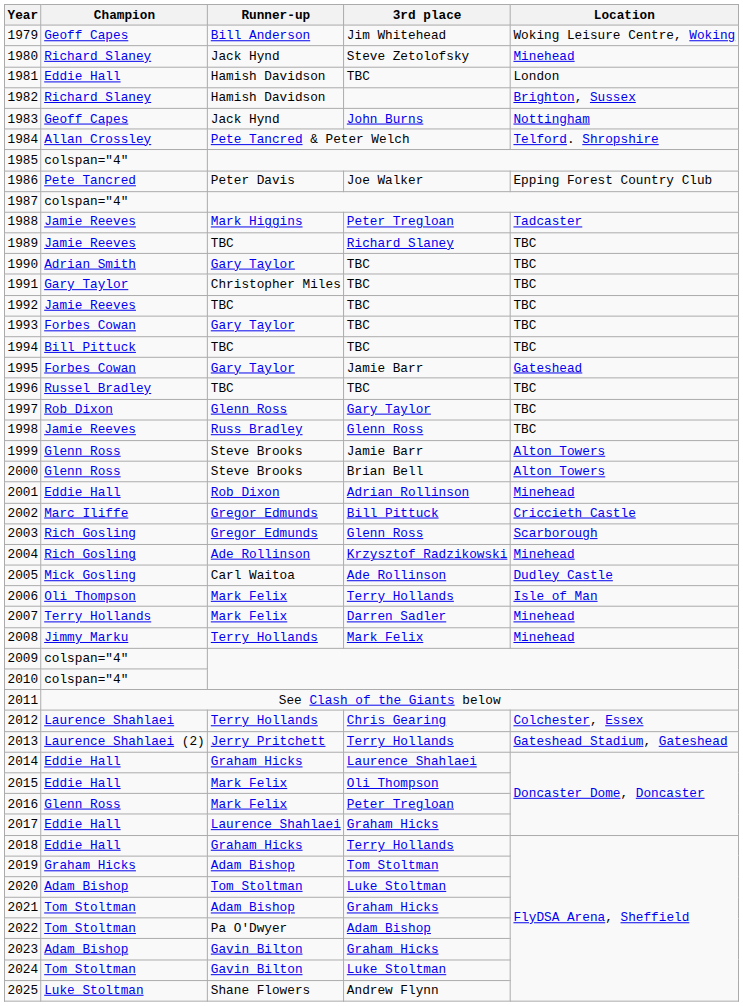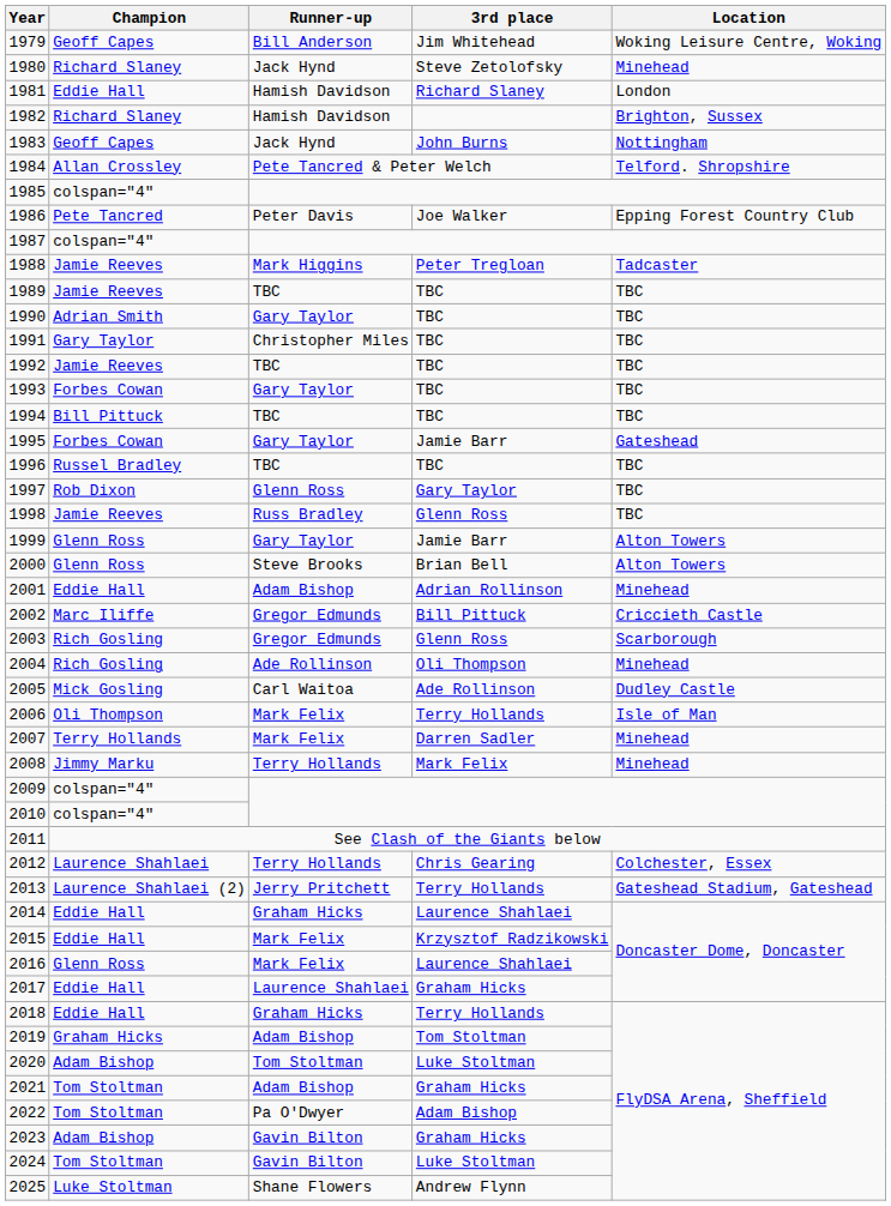 <table class="wikitable">
 <tr>
 <th>Year</th>
 <th>Champion</th>
 <th>Runner-up</th>
 <th>3rd place</th>
 <th>Location</th>
 </tr>
 <tr>
 <td>1979</td>
 <td> <a href='#'>Geoff Capes</a></td>
 <td> <a href='#'>Bill Anderson</a></td>
 <td> Jim Whitehead</td>
 <td>Woking Leisure Centre, <a href='#'>Woking</a></td>
 </tr>
 <tr>
 <td>1980</td>
 <td> <a href='#'>Richard Slaney</a></td>
 <td> Jack Hynd</td>
 <td> Steve Zetolofsky</td>
 <td><a href='#'>Minehead</a></td>
 </tr>
 <tr>
 <td>1981</td>
 <td> <a href='#'>Eddie Hall</a></td>
 <td> Hamish Davidson</td>
-<td>TBC</td>
+<td> <a href='#'>Richard Slaney</a></td>
 <td>London</td>
 </tr>
 <tr>
 <td>1982</td>
 <td> <a href='#'>Richard Slaney</a></td>
 <td> Hamish Davidson</td>
 <td></td>
 <td><a href='#'>Brighton</a>, <a href='#'>Sussex</a></td>
 </tr>
 <tr>
 <td>1983</td>
 <td> <a href='#'>Geoff Capes</a></td>
 <td> Jack Hynd</td>
 <td> <a href='#'>John Burns</a></td>
 <td><a href='#'>Nottingham</a></td>
 </tr>
 <tr>
 <td>1984</td>
 <td> <a href='#'>Allan Crossley</a></td>
 <td colspan="2"> <a href='#'>Pete Tancred</a> &  Peter Welch</td>
 <td><a href='#'>Telford</a>. <a href='#'>Shropshire</a></td>
 </tr>
 <tr>
 <td>1985</td>
 <td>colspan="4" </td>
 </tr>
 <tr>
 <td>1986</td>
 <td> <a href='#'>Pete Tancred</a></td>
 <td> Peter Davis</td>
 <td> Joe Walker</td>
 <td>Epping Forest Country Club</td>
 </tr>
 <tr>
 <td>1987</td>
 <td>colspan="4" </td>
 </tr>
 <tr>
 <td>1988</td>
 <td> <a href='#'>Jamie Reeves</a></td>
 <td> <a href='#'>Mark Higgins</a></td>
 <td> <a href='#'>Peter Tregloan</a></td>
 <td><a href='#'>Tadcaster</a></td>
 </tr>
 <tr>
 <td>1989</td>
 <td> <a href='#'>Jamie Reeves</a></td>
 <td>TBC</td>
-<td> <a href='#'>Richard Slaney</a></td>
+<td>TBC</td>
 <td>TBC</td>
 </tr>
 <tr>
 <td>1990</td>
 <td> <a href='#'>Adrian Smith</a></td>
 <td> <a href='#'>Gary Taylor</a></td>
 <td>TBC</td>
 <td>TBC</td>
 </tr>
 <tr>
 <td>1991</td>
 <td> <a href='#'>Gary Taylor</a></td>
 <td> Christopher Miles</td>
 <td>TBC</td>
 <td>TBC</td>
 </tr>
 <tr>
 <td>1992</td>
 <td> <a href='#'>Jamie Reeves</a></td>
 <td>TBC</td>
 <td>TBC</td>
 <td>TBC</td>
 </tr>
 <tr>
 <td>1993</td>
 <td> <a href='#'>Forbes Cowan</a></td>
 <td> <a href='#'>Gary Taylor</a></td>
 <td>TBC</td>
 <td>TBC</td>
 </tr>
 <tr>
 <td>1994</td>
 <td> <a href='#'>Bill Pittuck</a></td>
 <td>TBC</td>
 <td>TBC</td>
 <td>TBC</td>
 </tr>
 <tr>
 <td>1995</td>
 <td> <a href='#'>Forbes Cowan</a></td>
 <td> <a href='#'>Gary Taylor</a></td>
 <td> Jamie Barr</td>
 <td><a href='#'>Gateshead</a></td>
 </tr>
 <tr>
 <td>1996</td>
 <td> <a href='#'>Russel Bradley</a></td>
 <td>TBC</td>
 <td>TBC</td>
 <td>TBC</td>
 </tr>
 <tr>
 <td>1997</td>
 <td> <a href='#'>Rob Dixon</a></td>
 <td> <a href='#'>Glenn Ross</a></td>
 <td> <a href='#'>Gary Taylor</a></td>
 <td>TBC</td>
 </tr>
 <tr>
 <td>1998</td>
 <td> <a href='#'>Jamie Reeves</a></td>
 <td> <a href='#'>Russ Bradley</a></td>
 <td> <a href='#'>Glenn Ross</a></td>
 <td>TBC</td>
 </tr>
 <tr>
 <td>1999</td>
 <td> <a href='#'>Glenn Ross</a></td>
-<td> Steve Brooks</td>
+<td> <a href='#'>Gary Taylor</a></td>
 <td> Jamie Barr</td>
 <td><a href='#'>Alton Towers</a></td>
 </tr>
 <tr>
 <td>2000</td>
 <td> <a href='#'>Glenn Ross</a></td>
 <td> Steve Brooks</td>
 <td> Brian Bell</td>
 <td><a href='#'>Alton Towers</a></td>
 </tr>
 <tr>
 <td>2001</td>
 <td> <a href='#'>Eddie Hall</a></td>
-<td> <a href='#'>Rob Dixon</a></td>
+<td> <a href='#'>Adam Bishop</a></td>
 <td> <a href='#'>Adrian Rollinson</a></td>
 <td><a href='#'>Minehead</a></td>
 </tr>
 <tr>
 <td>2002</td>
 <td> <a href='#'>Marc Iliffe</a></td>
 <td> <a href='#'>Gregor Edmunds</a></td>
 <td> <a href='#'>Bill Pittuck</a></td>
 <td><a href='#'>Criccieth Castle</a></td>
 </tr>
 <tr>
 <td>2003</td>
 <td> <a href='#'>Rich Gosling</a></td>
 <td> <a href='#'>Gregor Edmunds</a></td>
 <td> <a href='#'>Glenn Ross</a></td>
 <td><a href='#'>Scarborough</a></td>
 </tr>
 <tr>
 <td>2004</td>
 <td> <a href='#'>Rich Gosling</a></td>
 <td> <a href='#'>Ade Rollinson</a></td>
-<td> <a href='#'>Krzysztof Radzikowski</a></td>
+<td> <a href='#'>Oli Thompson</a></td>
 <td><a href='#'>Minehead</a></td>
 </tr>
 <tr>
 <td>2005</td>
 <td> <a href='#'>Mick Gosling</a></td>
 <td> Carl Waitoa</td>
 <td> <a href='#'>Ade Rollinson</a></td>
 <td><a href='#'>Dudley Castle</a></td>
 </tr>
 <tr>
 <td>2006</td>
 <td> <a href='#'>Oli Thompson</a></td>
 <td> <a href='#'>Mark Felix</a></td>
 <td> <a href='#'>Terry Hollands</a></td>
 <td><a href='#'>Isle of Man</a></td>
 </tr>
 <tr>
 <td>2007</td>
 <td> <a href='#'>Terry Hollands</a></td>
 <td> <a href='#'>Mark Felix</a></td>
 <td> <a href='#'>Darren Sadler</a></td>
 <td><a href='#'>Minehead</a></td>
 </tr>
 <tr>
 <td>2008</td>
 <td> <a href='#'>Jimmy Marku</a></td>
 <td> <a href='#'>Terry Hollands</a></td>
 <td> <a href='#'>Mark Felix</a></td>
 <td><a href='#'>Minehead</a></td>
 </tr>
 <tr>
 <td>2009</td>
 <td>colspan="4" </td>
 </tr>
 <tr>
 <td>2010</td>
 <td>colspan="4" </td>
 </tr>
 <tr>
 <td>2011</td>
 <td colspan="4" align=center>See <a href='#'>Clash of the Giants</a> below</td>
 </tr>
 <tr>
 <td>2012</td>
 <td> <a href='#'>Laurence Shahlaei</a></td>
 <td> <a href='#'>Terry Hollands</a></td>
 <td> <a href='#'>Chris Gearing</a></td>
 <td><a href='#'>Colchester</a>, <a href='#'>Essex</a></td>
 </tr>
 <tr>
 <td>2013</td>
 <td> <a href='#'>Laurence Shahlaei</a> (2)</td>
 <td> <a href='#'>Jerry Pritchett</a></td>
 <td> <a href='#'>Terry Hollands</a></td>
 <td><a href='#'>Gateshead Stadium</a>, <a href='#'>Gateshead</a></td>
 </tr>
 <tr>
 <td>2014</td>
 <td> <a href='#'>Eddie Hall</a></td>
 <td> <a href='#'>Graham Hicks</a></td>
 <td> <a href='#'>Laurence Shahlaei</a></td>
 <td rowspan="4"><a href='#'>Doncaster Dome</a>, <a href='#'>Doncaster</a></td>
 </tr>
 <tr>
 <td>2015</td>
 <td> <a href='#'>Eddie Hall</a></td>
 <td> <a href='#'>Mark Felix</a></td>
-<td> <a href='#'>Oli Thompson</a></td>
+<td> <a href='#'>Krzysztof Radzikowski</a></td>
 </tr>
 <tr>
 <td>2016</td>
 <td> <a href='#'>Glenn Ross</a></td>
 <td> <a href='#'>Mark Felix</a></td>
-<td> <a href='#'>Peter Tregloan</a></td>
+<td> <a href='#'>Laurence Shahlaei</a></td>
 </tr>
 <tr>
 <td>2017</td>
 <td> <a href='#'>Eddie Hall</a></td>
 <td> <a href='#'>Laurence Shahlaei</a></td>
 <td> <a href='#'>Graham Hicks</a></td>
 </tr>
 <tr>
 <td>2018</td>
 <td> <a href='#'>Eddie Hall</a></td>
 <td> <a href='#'>Graham Hicks</a></td>
 <td> <a href='#'>Terry Hollands</a></td>
 <td rowspan="8"><a href='#'>FlyDSA Arena</a>, <a href='#'>Sheffield</a></td>
 </tr>
 <tr>
 <td>2019</td>
 <td> <a href='#'>Graham Hicks</a></td>
 <td> <a href='#'>Adam Bishop</a></td>
 <td> <a href='#'>Tom Stoltman</a></td>
 </tr>
 <tr>
 <td>2020</td>
 <td> <a href='#'>Adam Bishop</a></td>
 <td> <a href='#'>Tom Stoltman</a></td>
 <td> <a href='#'>Luke Stoltman</a></td>
 </tr>
 <tr>
 <td>2021</td>
 <td> <a href='#'>Tom Stoltman</a></td>
 <td> <a href='#'>Adam Bishop</a></td>
 <td> <a href='#'>Graham Hicks</a></td>
 </tr>
 <tr>
 <td>2022</td>
 <td> <a href='#'>Tom Stoltman</a></td>
 <td> Pa O'Dwyer</td>
 <td> <a href='#'>Adam Bishop</a></td>
 </tr>
 <tr>
 <td>2023</td>
 <td> <a href='#'>Adam Bishop</a></td>
 <td> <a href='#'>Gavin Bilton</a></td>
 <td> <a href='#'>Graham Hicks</a></td>
 </tr>
 <tr>
 <td>2024</td>
 <td> <a href='#'>Tom Stoltman</a></td>
 <td> <a href='#'>Gavin Bilton</a></td>
 <td> <a href='#'>Luke Stoltman</a></td>
 </tr>
 <tr>
 <td>2025</td>
 <td> <a href='#'>Luke Stoltman</a></td>
 <td> Shane Flowers</td>
 <td> Andrew Flynn</td>
 </tr>
 </table>
